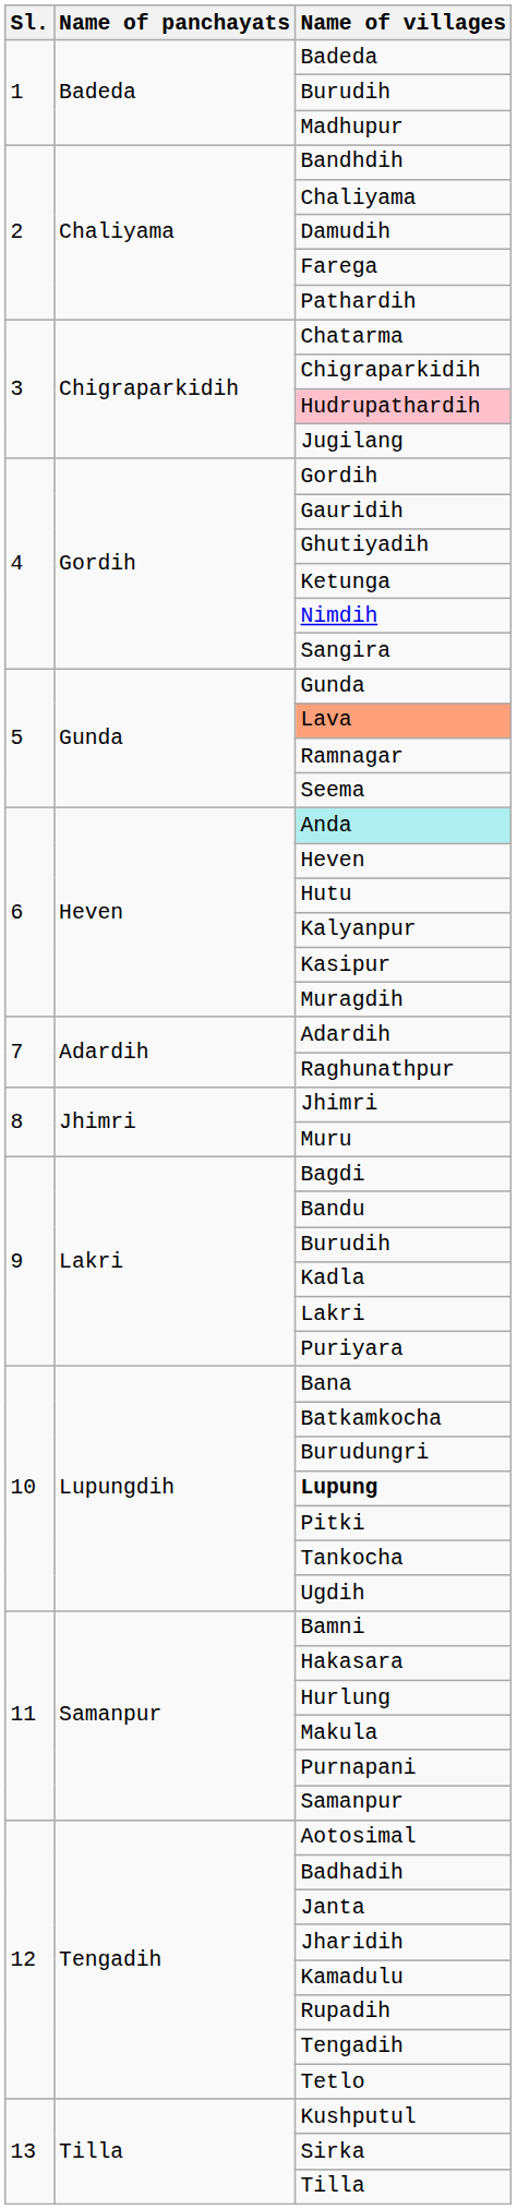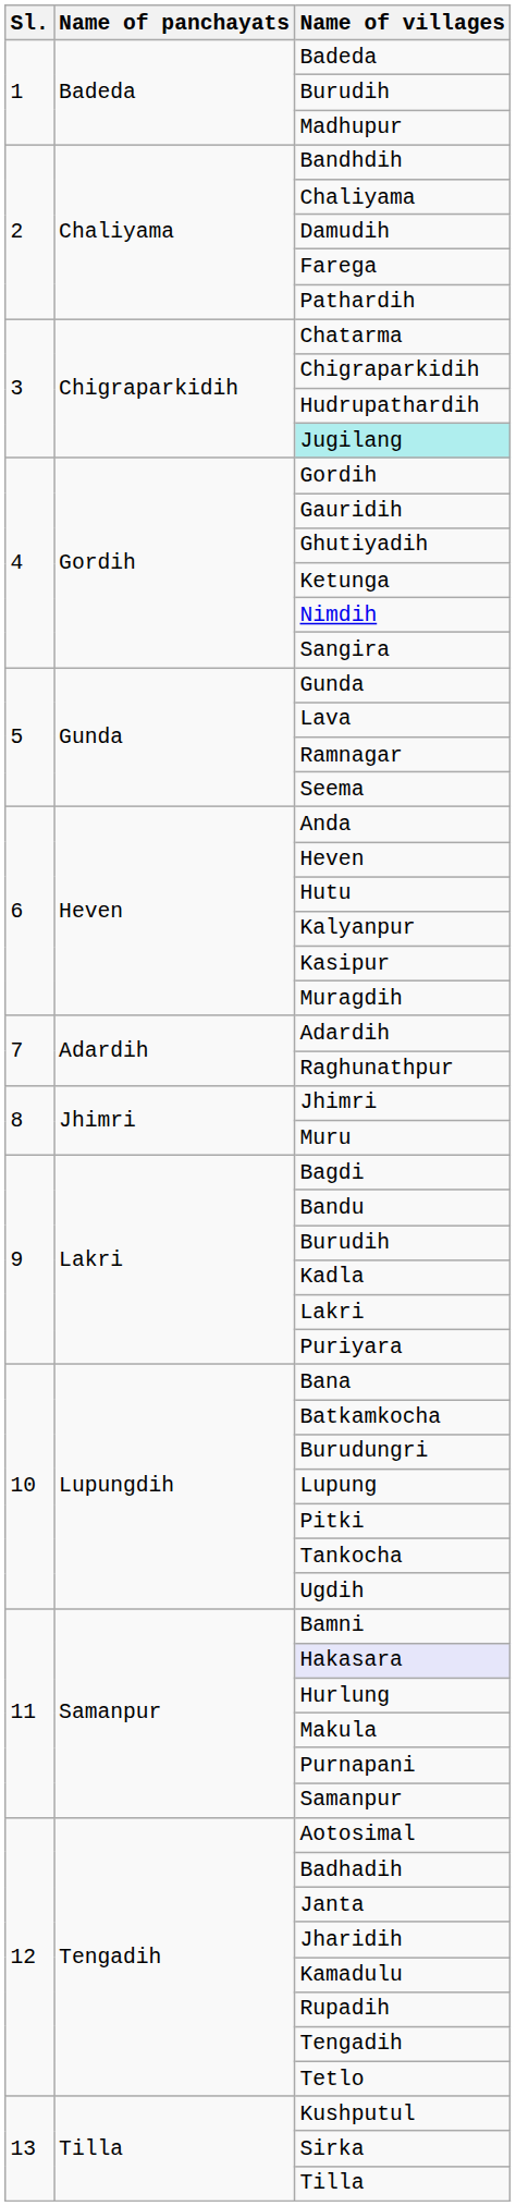 <table class="wikitable plainrowheaders sortable">
 <tr>
 <th scope="col">Sl.</th>
 <th scope="col">Name of panchayats</th>
 <th scope="col">Name of villages</th>
 </tr>
 <tr>
 <td rowspan="3">1</td>
 <td rowspan="3">Badeda</td>
 <td>Badeda</td>
 </tr>
 <tr>
 <td>Burudih</td>
 </tr>
 <tr>
 <td>Madhupur</td>
 </tr>
 <tr>
 <td rowspan="5">2</td>
 <td rowspan="5">Chaliyama</td>
 <td>Bandhdih</td>
 </tr>
 <tr>
 <td>Chaliyama</td>
 </tr>
 <tr>
 <td>Damudih</td>
 </tr>
 <tr>
 <td>Farega</td>
 </tr>
 <tr>
 <td>Pathardih</td>
 </tr>
 <tr>
 <td rowspan="4">3</td>
 <td rowspan="4">Chigraparkidih</td>
 <td>Chatarma</td>
 </tr>
 <tr>
 <td>Chigraparkidih</td>
 </tr>
 <tr>
-<td style="background: pink;">Hudrupathardih</td>
+<td>Hudrupathardih</td>
 </tr>
 <tr>
-<td>Jugilang</td>
+<td style="background: paleturquoise;">Jugilang</td>
 </tr>
 <tr>
 <td rowspan="6">4</td>
 <td rowspan="6">Gordih</td>
 <td>Gordih</td>
 </tr>
 <tr>
 <td>Gauridih</td>
 </tr>
 <tr>
 <td>Ghutiyadih</td>
 </tr>
 <tr>
 <td>Ketunga</td>
 </tr>
 <tr>
 <td><a href='#'>Nimdih</a></td>
 </tr>
 <tr>
 <td>Sangira</td>
 </tr>
 <tr>
 <td rowspan="4">5</td>
 <td rowspan="4">Gunda</td>
 <td>Gunda</td>
 </tr>
 <tr>
-<td style="background: lightsalmon;">Lava</td>
+<td>Lava</td>
 </tr>
 <tr>
 <td>Ramnagar</td>
 </tr>
 <tr>
 <td>Seema</td>
 </tr>
 <tr>
 <td rowspan="6">6</td>
 <td rowspan="6">Heven</td>
-<td style="background: paleturquoise;">Anda</td>
+<td>Anda</td>
 </tr>
 <tr>
 <td>Heven</td>
 </tr>
 <tr>
 <td>Hutu</td>
 </tr>
 <tr>
 <td>Kalyanpur</td>
 </tr>
 <tr>
 <td>Kasipur</td>
 </tr>
 <tr>
 <td>Muragdih</td>
 </tr>
 <tr>
 <td rowspan="2">7</td>
 <td rowspan="2">Adardih</td>
 <td>Adardih</td>
 </tr>
 <tr>
 <td>Raghunathpur</td>
 </tr>
 <tr>
 <td rowspan="2">8</td>
 <td rowspan="2">Jhimri</td>
 <td>Jhimri</td>
 </tr>
 <tr>
 <td>Muru</td>
 </tr>
 <tr>
 <td rowspan="6">9</td>
 <td rowspan="6">Lakri</td>
 <td>Bagdi</td>
 </tr>
 <tr>
 <td>Bandu</td>
 </tr>
 <tr>
 <td>Burudih</td>
 </tr>
 <tr>
 <td>Kadla</td>
 </tr>
 <tr>
 <td>Lakri</td>
 </tr>
 <tr>
 <td>Puriyara</td>
 </tr>
 <tr>
 <td rowspan="7">10</td>
 <td rowspan="7">Lupungdih</td>
 <td>Bana</td>
 </tr>
 <tr>
 <td>Batkamkocha</td>
 </tr>
 <tr>
 <td>Burudungri</td>
 </tr>
 <tr>
-<td><strong>Lupung</strong></td>
+<td>Lupung</td>
 </tr>
 <tr>
 <td>Pitki</td>
 </tr>
 <tr>
 <td>Tankocha</td>
 </tr>
 <tr>
 <td>Ugdih</td>
 </tr>
 <tr>
 <td rowspan="6">11</td>
 <td rowspan="6">Samanpur</td>
 <td>Bamni</td>
 </tr>
 <tr>
-<td>Hakasara</td>
+<td style="background: lavender;">Hakasara</td>
 </tr>
 <tr>
 <td>Hurlung</td>
 </tr>
 <tr>
 <td>Makula</td>
 </tr>
 <tr>
 <td>Purnapani</td>
 </tr>
 <tr>
 <td>Samanpur</td>
 </tr>
 <tr>
 <td rowspan="8">12</td>
 <td rowspan="8">Tengadih</td>
 <td>Aotosimal</td>
 </tr>
 <tr>
 <td>Badhadih</td>
 </tr>
 <tr>
 <td>Janta</td>
 </tr>
 <tr>
 <td>Jharidih</td>
 </tr>
 <tr>
 <td>Kamadulu</td>
 </tr>
 <tr>
 <td>Rupadih</td>
 </tr>
 <tr>
 <td>Tengadih</td>
 </tr>
 <tr>
 <td>Tetlo</td>
 </tr>
 <tr>
 <td rowspan="3">13</td>
 <td rowspan="3">Tilla</td>
 <td>Kushputul</td>
 </tr>
 <tr>
 <td>Sirka</td>
 </tr>
 <tr>
 <td>Tilla</td>
 </tr>
 <tr>
 </tr>
 </table>
